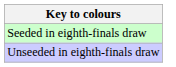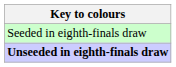 <table class="wikitable">
 <tr>
 <th>Key to colours</th>
 </tr>
 <tr bgcolor=#ccffcc>
 <td>Seeded in eighth-finals draw</td>
 </tr>
 <tr bgcolor=#ccccff>
-<td>Unseeded in eighth-finals draw</td>
+<td><strong>Unseeded in eighth-finals draw</strong></td>
 </tr>
 </table>
